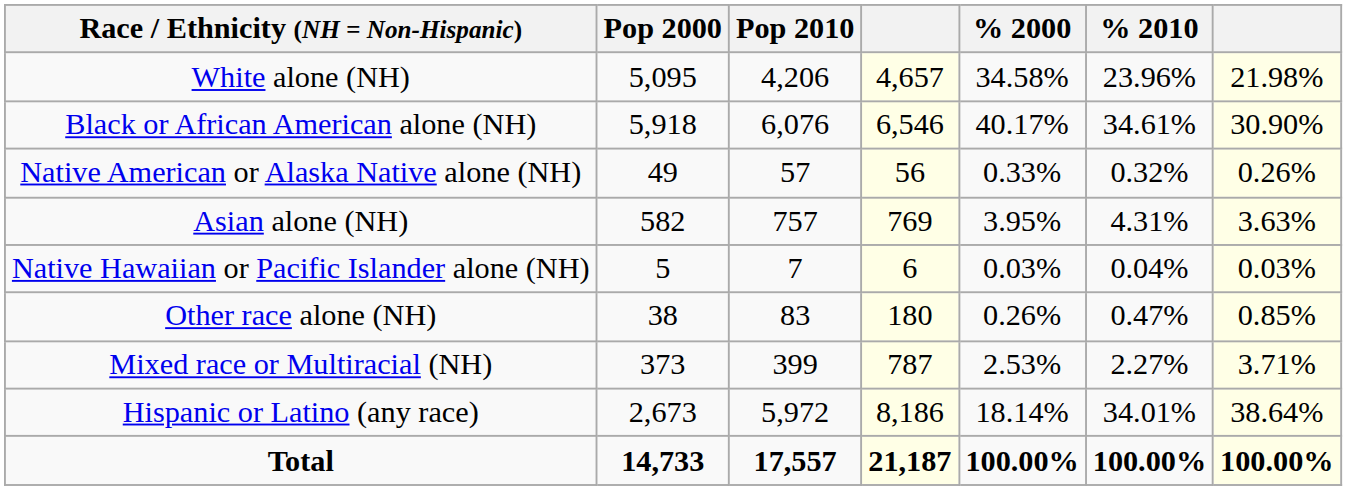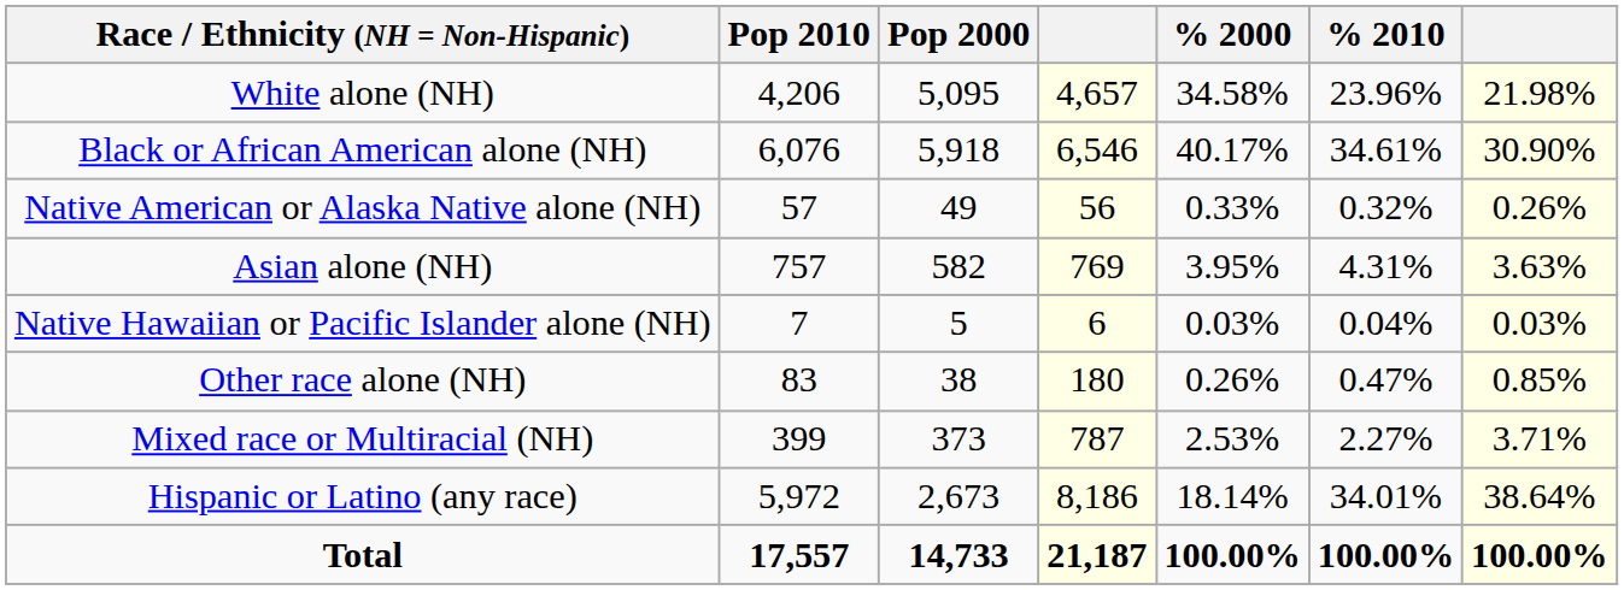 <table class="wikitable" style="text-align:center;">
 <tr>
 <th>Race / Ethnicity <small>(<em>NH = Non-Hispanic</em>)</small></th>
+<th>Pop 2010</th>
 <th>Pop 2000</th>
-<th>Pop 2010</th>
 <th></th>
 <th>% 2000</th>
 <th>% 2010</th>
 <th></th>
 </tr>
 <tr>
 <td><a href='#'>White</a> alone (NH)</td>
+<td>4,206</td>
 <td>5,095</td>
-<td>4,206</td>
 <td style='background: #ffffe6;'>4,657</td>
 <td>34.58%</td>
 <td>23.96%</td>
 <td style='background: #ffffe6;'>21.98%</td>
 </tr>
 <tr>
 <td><a href='#'>Black or African American</a> alone (NH)</td>
+<td>6,076</td>
 <td>5,918</td>
-<td>6,076</td>
 <td style='background: #ffffe6;'>6,546</td>
 <td>40.17%</td>
 <td>34.61%</td>
 <td style='background: #ffffe6;'>30.90%</td>
 </tr>
 <tr>
 <td><a href='#'>Native American</a> or <a href='#'>Alaska Native</a> alone (NH)</td>
+<td>57</td>
 <td>49</td>
-<td>57</td>
 <td style='background: #ffffe6;'>56</td>
 <td>0.33%</td>
 <td>0.32%</td>
 <td style='background: #ffffe6;'>0.26%</td>
 </tr>
 <tr>
 <td><a href='#'>Asian</a> alone (NH)</td>
+<td>757</td>
 <td>582</td>
-<td>757</td>
 <td style='background: #ffffe6;'>769</td>
 <td>3.95%</td>
 <td>4.31%</td>
 <td style='background: #ffffe6;'>3.63%</td>
 </tr>
 <tr>
 <td><a href='#'>Native Hawaiian</a> or <a href='#'>Pacific Islander</a> alone (NH)</td>
+<td>7</td>
 <td>5</td>
-<td>7</td>
 <td style='background: #ffffe6;'>6</td>
 <td>0.03%</td>
 <td>0.04%</td>
 <td style='background: #ffffe6;'>0.03%</td>
 </tr>
 <tr>
 <td><a href='#'>Other race</a> alone (NH)</td>
+<td>83</td>
 <td>38</td>
-<td>83</td>
 <td style='background: #ffffe6;'>180</td>
 <td>0.26%</td>
 <td>0.47%</td>
 <td style='background: #ffffe6;'>0.85%</td>
 </tr>
 <tr>
 <td><a href='#'>Mixed race or Multiracial</a> (NH)</td>
+<td>399</td>
 <td>373</td>
-<td>399</td>
 <td style='background: #ffffe6;'>787</td>
 <td>2.53%</td>
 <td>2.27%</td>
 <td style='background: #ffffe6;'>3.71%</td>
 </tr>
 <tr>
 <td><a href='#'>Hispanic or Latino</a> (any race)</td>
+<td>5,972</td>
 <td>2,673</td>
-<td>5,972</td>
 <td style='background: #ffffe6;'>8,186</td>
 <td>18.14%</td>
 <td>34.01%</td>
 <td style='background: #ffffe6;'>38.64%</td>
 </tr>
 <tr>
 <td><strong>Total</strong></td>
+<td><strong>17,557</strong></td>
 <td><strong>14,733</strong></td>
-<td><strong>17,557</strong></td>
 <td style='background: #ffffe6;'><strong>21,187</strong></td>
 <td><strong>100.00%</strong></td>
 <td><strong>100.00%</strong></td>
 <td style='background: #ffffe6;'><strong>100.00%</strong></td>
 </tr>
 </table>
